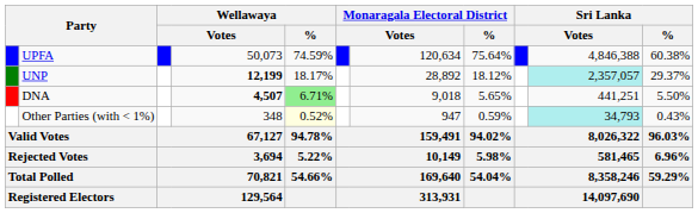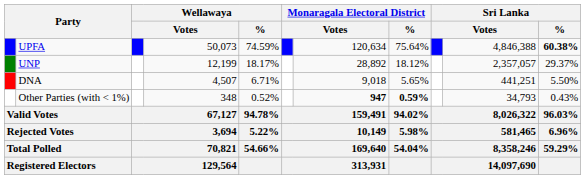 <table class="wikitable">
 <tr>
 <th colspan="2" width="144px"rowspan="2">Party</th>
 <th colspan="3" width="216px">Wellawaya</th>
 <th colspan="3" width="216px"><a href='#'>Monaragala Electoral District</a></th>
 <th colspan="3" width="216px">Sri Lanka</th>
 </tr>
 <tr>
 <th colspan="2" width="144px">Votes</th>
 <th>%</th>
 <th colspan="2" width="144px">Votes</th>
 <th>%</th>
 <th colspan="2" width="144px">Votes</th>
 <th>%</th>
 </tr>
 <tr>
 <td style="background-color:blue;" width="10px"></td>
 <td style="text-align:left;"><a href='#'>UPFA</a></td>
 <td style="background-color:blue;" width="10px"></td>
 <td style="text-align:right;">50,073</td>
 <td style="text-align:right;">74.59%</td>
 <td style="background-color:blue;" width="10px"></td>
 <td style="text-align:right;">120,634</td>
 <td style="text-align:right;">75.64%</td>
 <td style="background-color:blue;" width="10px"></td>
 <td style="text-align:right;">4,846,388</td>
-<td style="text-align:right;">60.38%</td>
+<td style="text-align:right;"><strong>60.38%</strong></td>
 </tr>
 <tr>
 <td style="background-color:green;" width="10px"></td>
 <td style="text-align:left;"><a href='#'>UNP</a></td>
 <td style="background-color:white;" width="10px"></td>
-<td style="text-align:right;"><strong>12,199</strong></td>
+<td style="text-align:right;">12,199</td>
 <td style="text-align:right;">18.17%</td>
 <td style="background-color:white;" width="10px"></td>
 <td style="text-align:right;">28,892</td>
 <td style="text-align:right;">18.12%</td>
 <td style="background-color:white;" width="10px"></td>
-<td style="background: paleturquoise; text-align:right;">2,357,057</td>
+<td style="text-align:right;">2,357,057</td>
 <td style="text-align:right;">29.37%</td>
 </tr>
 <tr>
 <td style="background-color:red;" width="10px"></td>
 <td style="text-align:left;">DNA</td>
 <td style="background-color:white;" width="10px"></td>
-<td style="text-align:right;"><strong>4,507</strong></td>
-<td style="background: lightgreen; text-align:right;">6.71%</td>
+<td style="text-align:right;">4,507</td>
+<td style="text-align:right;">6.71%</td>
 <td style="background-color:white;" width="10px"></td>
 <td style="text-align:right;">9,018</td>
 <td style="text-align:right;">5.65%</td>
 <td style="background-color:white;" width="10px"></td>
 <td style="text-align:right;">441,251</td>
 <td style="text-align:right;">5.50%</td>
 </tr>
 <tr>
 <td style="background-color:white;" width="10px"></td>
 <td style="text-align:left;">Other Parties (with < 1%)</td>
 <td style="background-color:white;" width="10px"></td>
 <td style="text-align:right;">348</td>
-<td style="background: lightyellow; text-align:right;">0.52%</td>
+<td style="text-align:right;">0.52%</td>
 <td style="background-color:white;" width="10px"></td>
-<td style="text-align:right;">947</td>
-<td style="text-align:right;">0.59%</td>
+<td style="text-align:right;"><strong>947</strong></td>
+<td style="text-align:right;"><strong>0.59%</strong></td>
 <td style="background-color:white;" width="10px"></td>
-<td style="background: paleturquoise; text-align:right;">34,793</td>
+<td style="text-align:right;">34,793</td>
 <td style="text-align:right;">0.43%</td>
 </tr>
 <tr>
 <th colspan="2" width="144px"style="text-align:left;">Valid Votes</th>
 <th style="text-align:right;"colspan="2" width="144px">67,127</th>
 <th style="text-align:right;">94.78%</th>
 <th style="text-align:right;"colspan="2" width="144px">159,491</th>
 <th style="text-align:right;">94.02%</th>
 <th style="text-align:right;"colspan="2" width="144px">8,026,322</th>
 <th style="text-align:right;">96.03%</th>
 </tr>
 <tr>
 <th colspan="2" width="144px"style="text-align:left;">Rejected Votes</th>
 <th style="text-align:right;"colspan="2" width="144px">3,694</th>
 <th style="text-align:right;">5.22%</th>
 <th style="text-align:right;"colspan="2" width="144px">10,149</th>
 <th style="text-align:right;">5.98%</th>
 <th style="text-align:right;"colspan="2" width="144px">581,465</th>
 <th style="text-align:right;">6.96%</th>
 </tr>
 <tr>
 <th colspan="2" width="144px"style="text-align:left;">Total Polled</th>
 <th style="text-align:right;"colspan="2" width="144px">70,821</th>
 <th style="text-align:right;">54.66%</th>
 <th style="text-align:right;"colspan="2" width="144px">169,640</th>
 <th style="text-align:right;">54.04%</th>
 <th style="text-align:right;"colspan="2" width="144px">8,358,246</th>
 <th style="text-align:right;">59.29%</th>
 </tr>
 <tr>
 <th colspan="2" width="144px"style="text-align:left;">Registered Electors</th>
 <th style="text-align:right;"colspan="2" width="144px">129,564</th>
 <th></th>
 <th style="text-align:right;"colspan="2" width="144px">313,931</th>
 <th></th>
 <th style="text-align:right;"colspan="2" width="144px">14,097,690</th>
 <th></th>
 </tr>
 </table>
